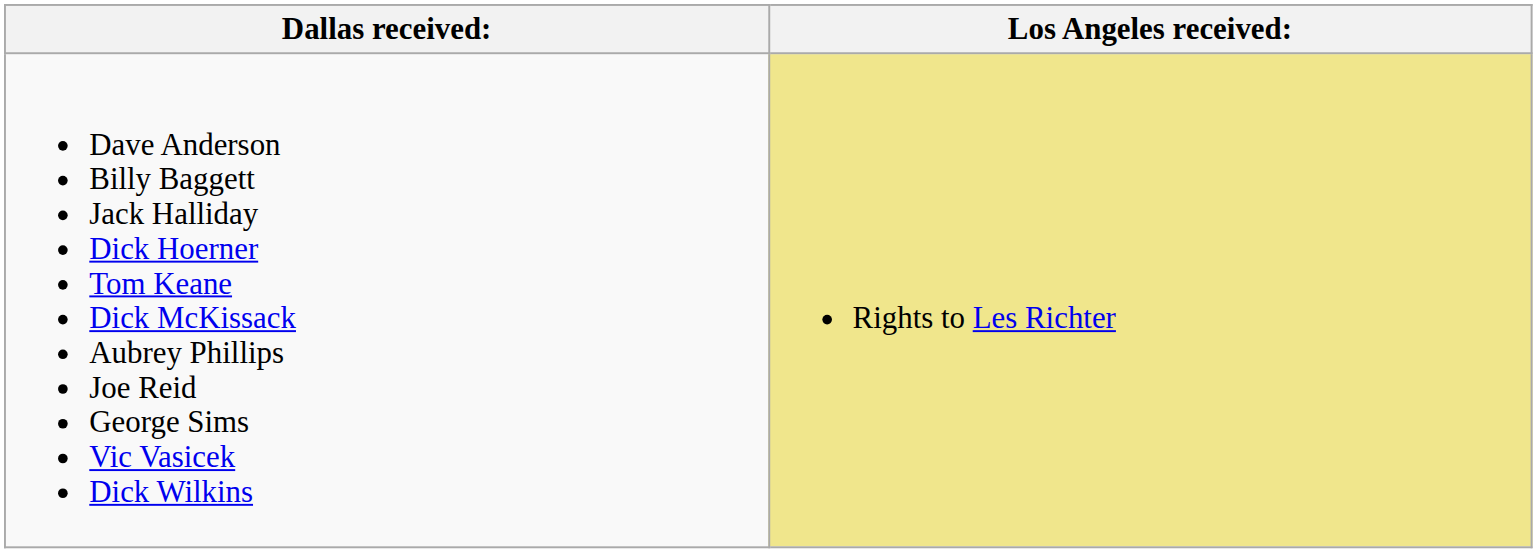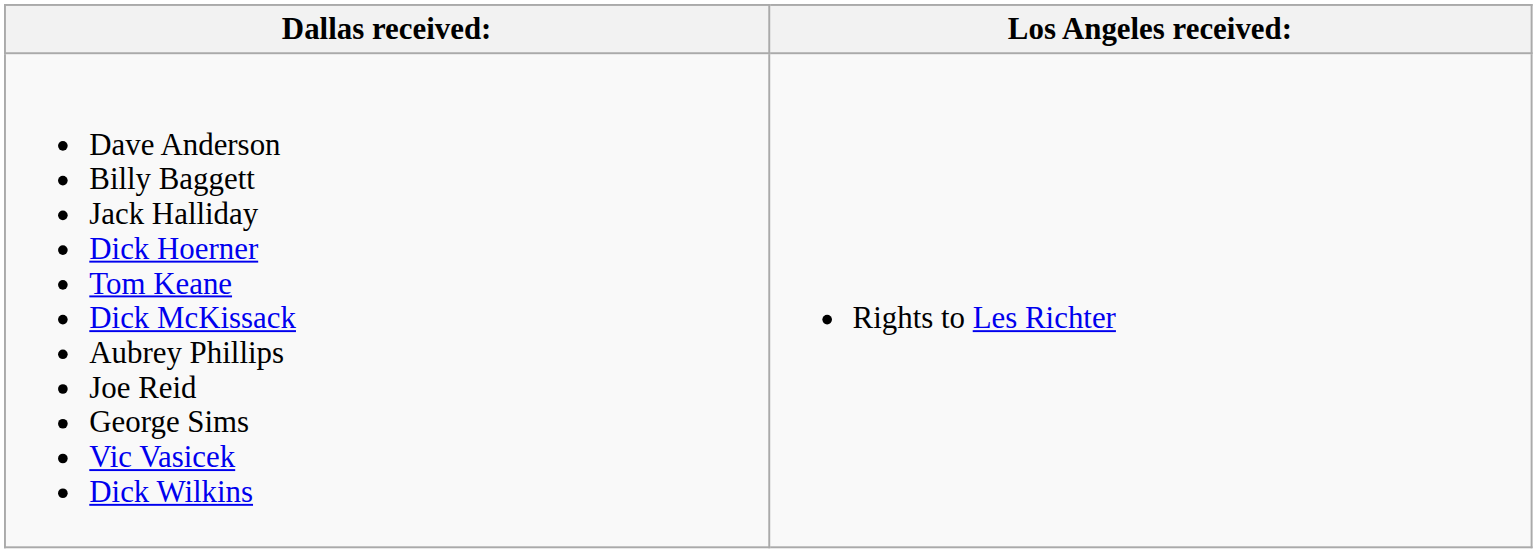 <table class="wikitable" style="width:50%;">
 <tr>
 <th style="width:50%;">Dallas received:</th>
 <th style="width:50%;">Los Angeles received:</th>
 </tr>
 <tr>
 <td><br><ul><li> Dave Anderson</li><li> Billy Baggett</li><li> Jack Halliday</li><li> <a href='#'>Dick Hoerner</a></li><li> <a href='#'>Tom Keane</a></li><li> <a href='#'>Dick McKissack</a></li><li> Aubrey Phillips</li><li> Joe Reid</li><li> George Sims</li><li> <a href='#'>Vic Vasicek</a></li><li> <a href='#'>Dick Wilkins</a></li></ul></td>
-<td style="background: khaki;"><br><ul><li>Rights to  <a href='#'>Les Richter</a><br></li></ul></td>
+<td><br><ul><li>Rights to  <a href='#'>Les Richter</a><br></li></ul></td>
 </tr>
 </table>
